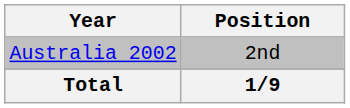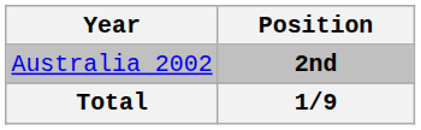 <table class="wikitable" style="text-align: center;">
 <tr>
 <th>Year</th>
 <th width="100">Position</th>
 </tr>
 <tr bgcolor=silver>
 <td><a href='#'>Australia 2002</a></td>
-<td>2nd</td>
+<td><strong>2nd</strong></td>
 </tr>
 <tr>
 <th>Total</th>
 <th>1/9</th>
 </tr>
 </table>
